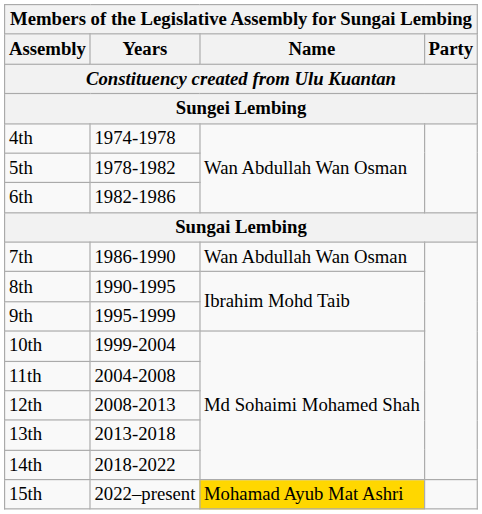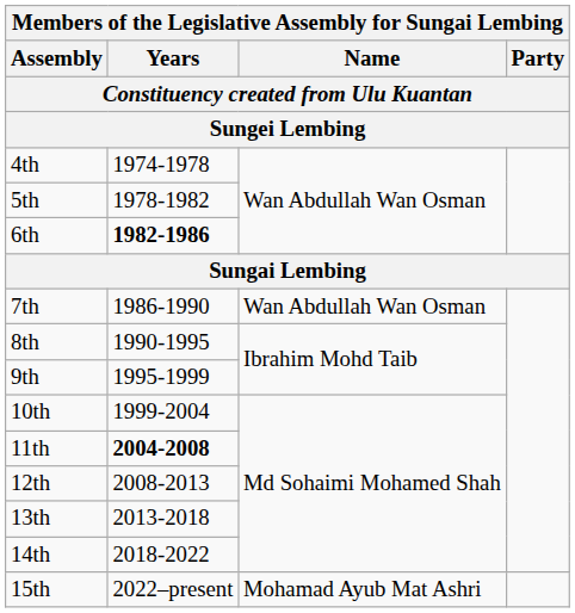 <table class="wikitable">
 <tr>
 <th colspan="4">Members of the Legislative Assembly for Sungai Lembing</th>
 </tr>
 <tr>
 <th>Assembly</th>
 <th>Years</th>
 <th>Name</th>
 <th>Party</th>
 </tr>
 <tr>
 <th colspan="4"><em>Constituency created from Ulu Kuantan</em></th>
 </tr>
 <tr>
 <th colspan=4 align=center>Sungei Lembing</th>
 </tr>
 <tr>
 <td>4th</td>
 <td>1974-1978</td>
 <td rowspan="3">Wan Abdullah Wan Osman</td>
 <td rowspan="3"></td>
 </tr>
 <tr>
 <td>5th</td>
 <td>1978-1982</td>
 </tr>
 <tr>
 <td>6th</td>
-<td>1982-1986</td>
+<td><strong>1982-1986</strong></td>
 </tr>
 <tr>
 <th colspan=4 align=center>Sungai Lembing</th>
 </tr>
 <tr>
 <td>7th</td>
 <td>1986-1990</td>
 <td>Wan Abdullah Wan Osman</td>
 <td rowspan="8"></td>
 </tr>
 <tr>
 <td>8th</td>
 <td>1990-1995</td>
 <td rowspan="2">Ibrahim Mohd Taib</td>
 </tr>
 <tr>
 <td>9th</td>
 <td>1995-1999</td>
 </tr>
 <tr>
 <td>10th</td>
 <td>1999-2004</td>
 <td rowspan="5">Md Sohaimi Mohamed Shah</td>
 </tr>
 <tr>
 <td>11th</td>
-<td>2004-2008</td>
+<td><strong>2004-2008</strong></td>
 </tr>
 <tr>
 <td>12th</td>
 <td>2008-2013</td>
 </tr>
 <tr>
 <td>13th</td>
 <td>2013-2018</td>
 </tr>
 <tr>
 <td>14th</td>
 <td>2018-2022</td>
 </tr>
 <tr>
 <td>15th</td>
 <td>2022–present</td>
-<td style="background: gold;">Mohamad Ayub Mat Ashri</td>
+<td>Mohamad Ayub Mat Ashri</td>
 <td></td>
 </tr>
 </table>
